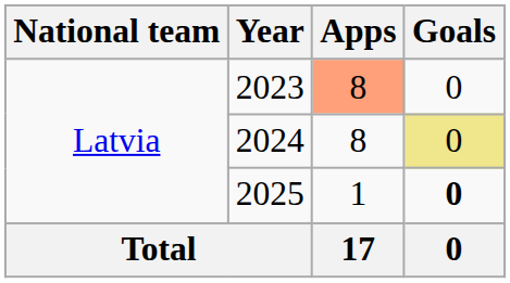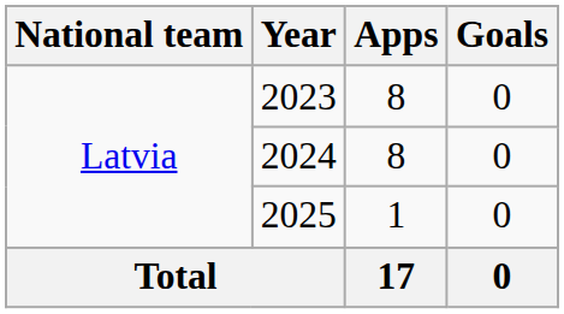 <table class=wikitable style="text-align: center">
 <tr>
 <th>National team</th>
 <th>Year</th>
 <th>Apps</th>
 <th>Goals</th>
 </tr>
 <tr>
 <td rowspan="3"><a href='#'>Latvia</a></td>
 <td>2023</td>
-<td style="background: lightsalmon;">8</td>
+<td>8</td>
 <td>0</td>
 </tr>
 <tr>
 <td>2024</td>
 <td>8</td>
-<td style="background: khaki;">0</td>
+<td>0</td>
 </tr>
 <tr>
 <td>2025</td>
 <td>1</td>
-<td><strong>0</strong></td>
+<td>0</td>
 </tr>
 <tr>
 <th colspan="2">Total</th>
 <th>17</th>
 <th>0</th>
 </tr>
 </table>
